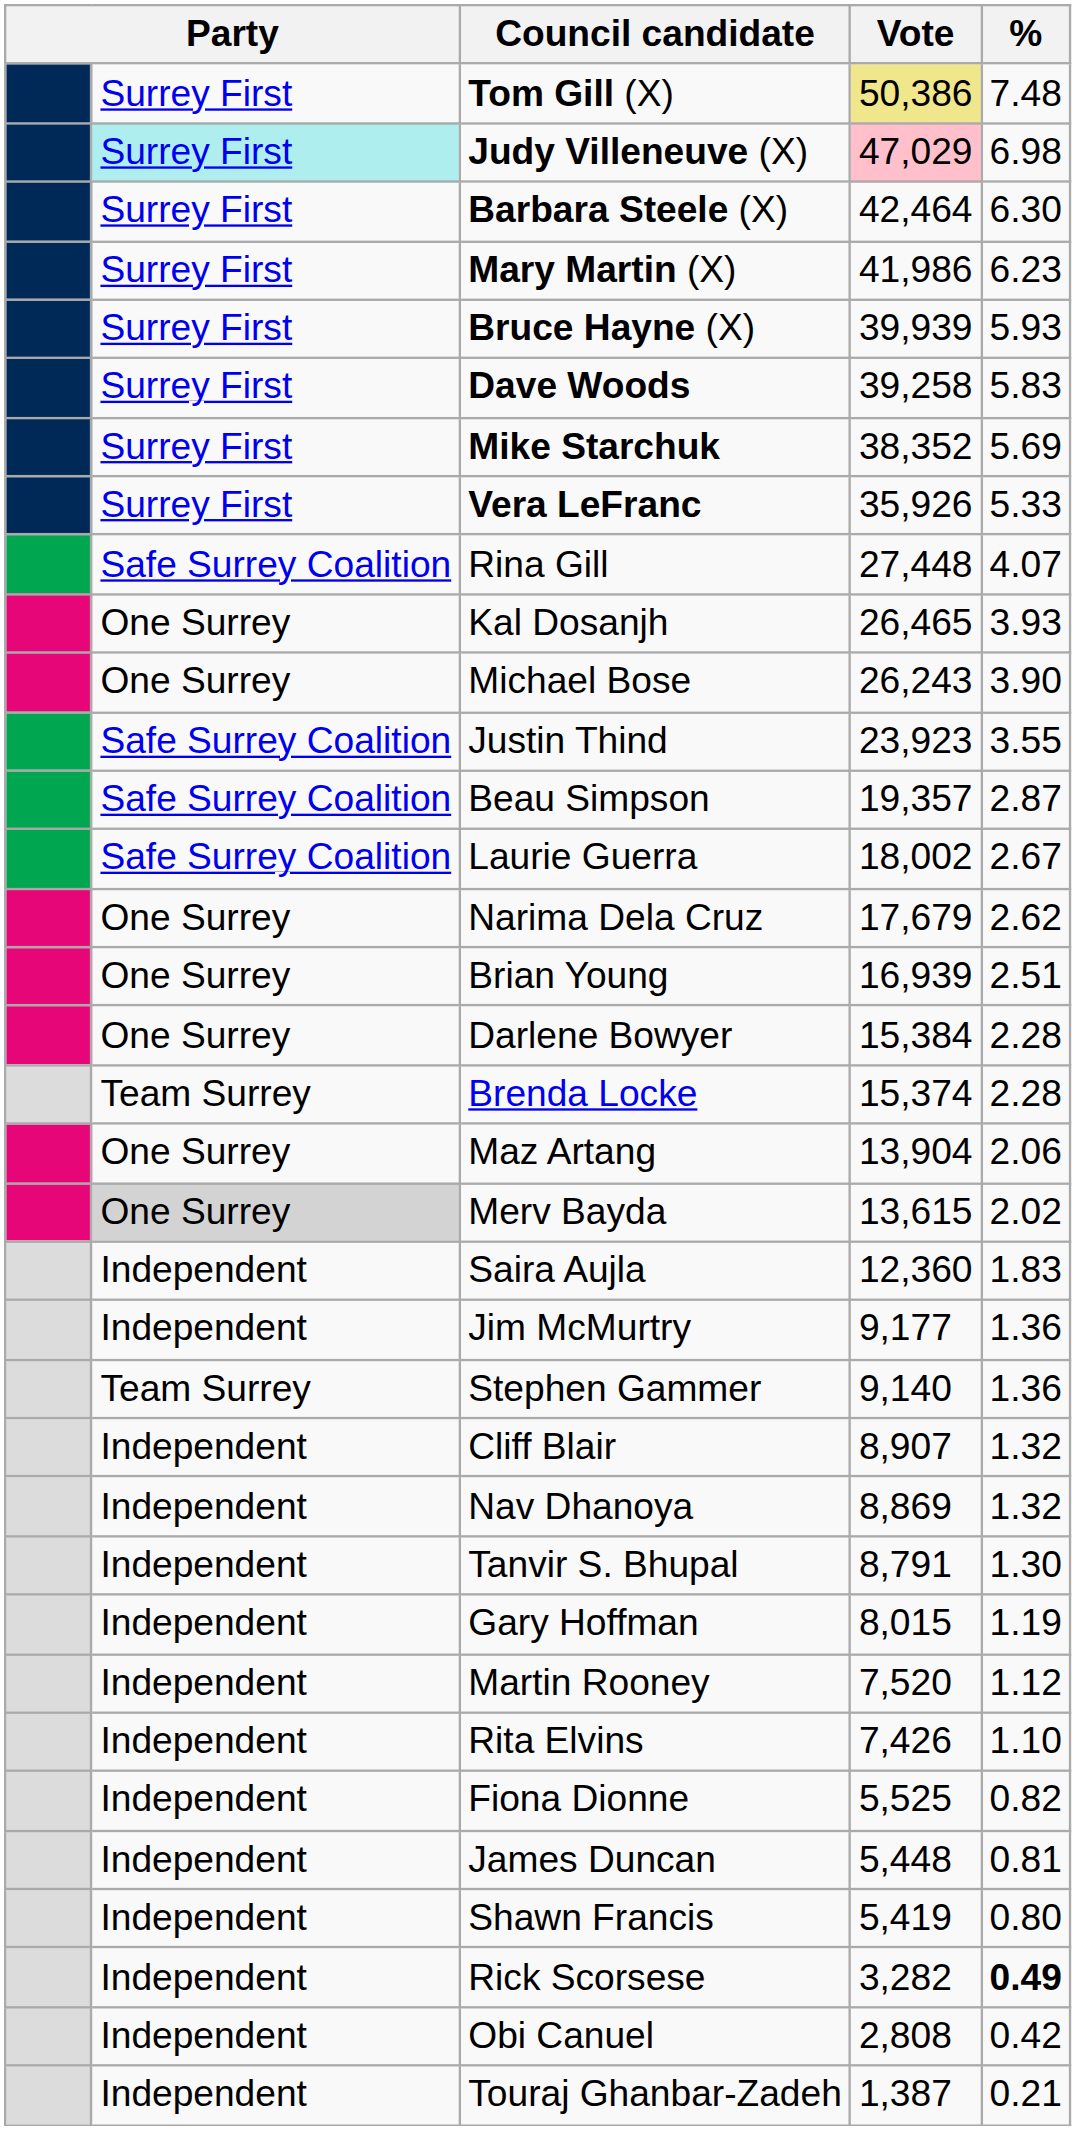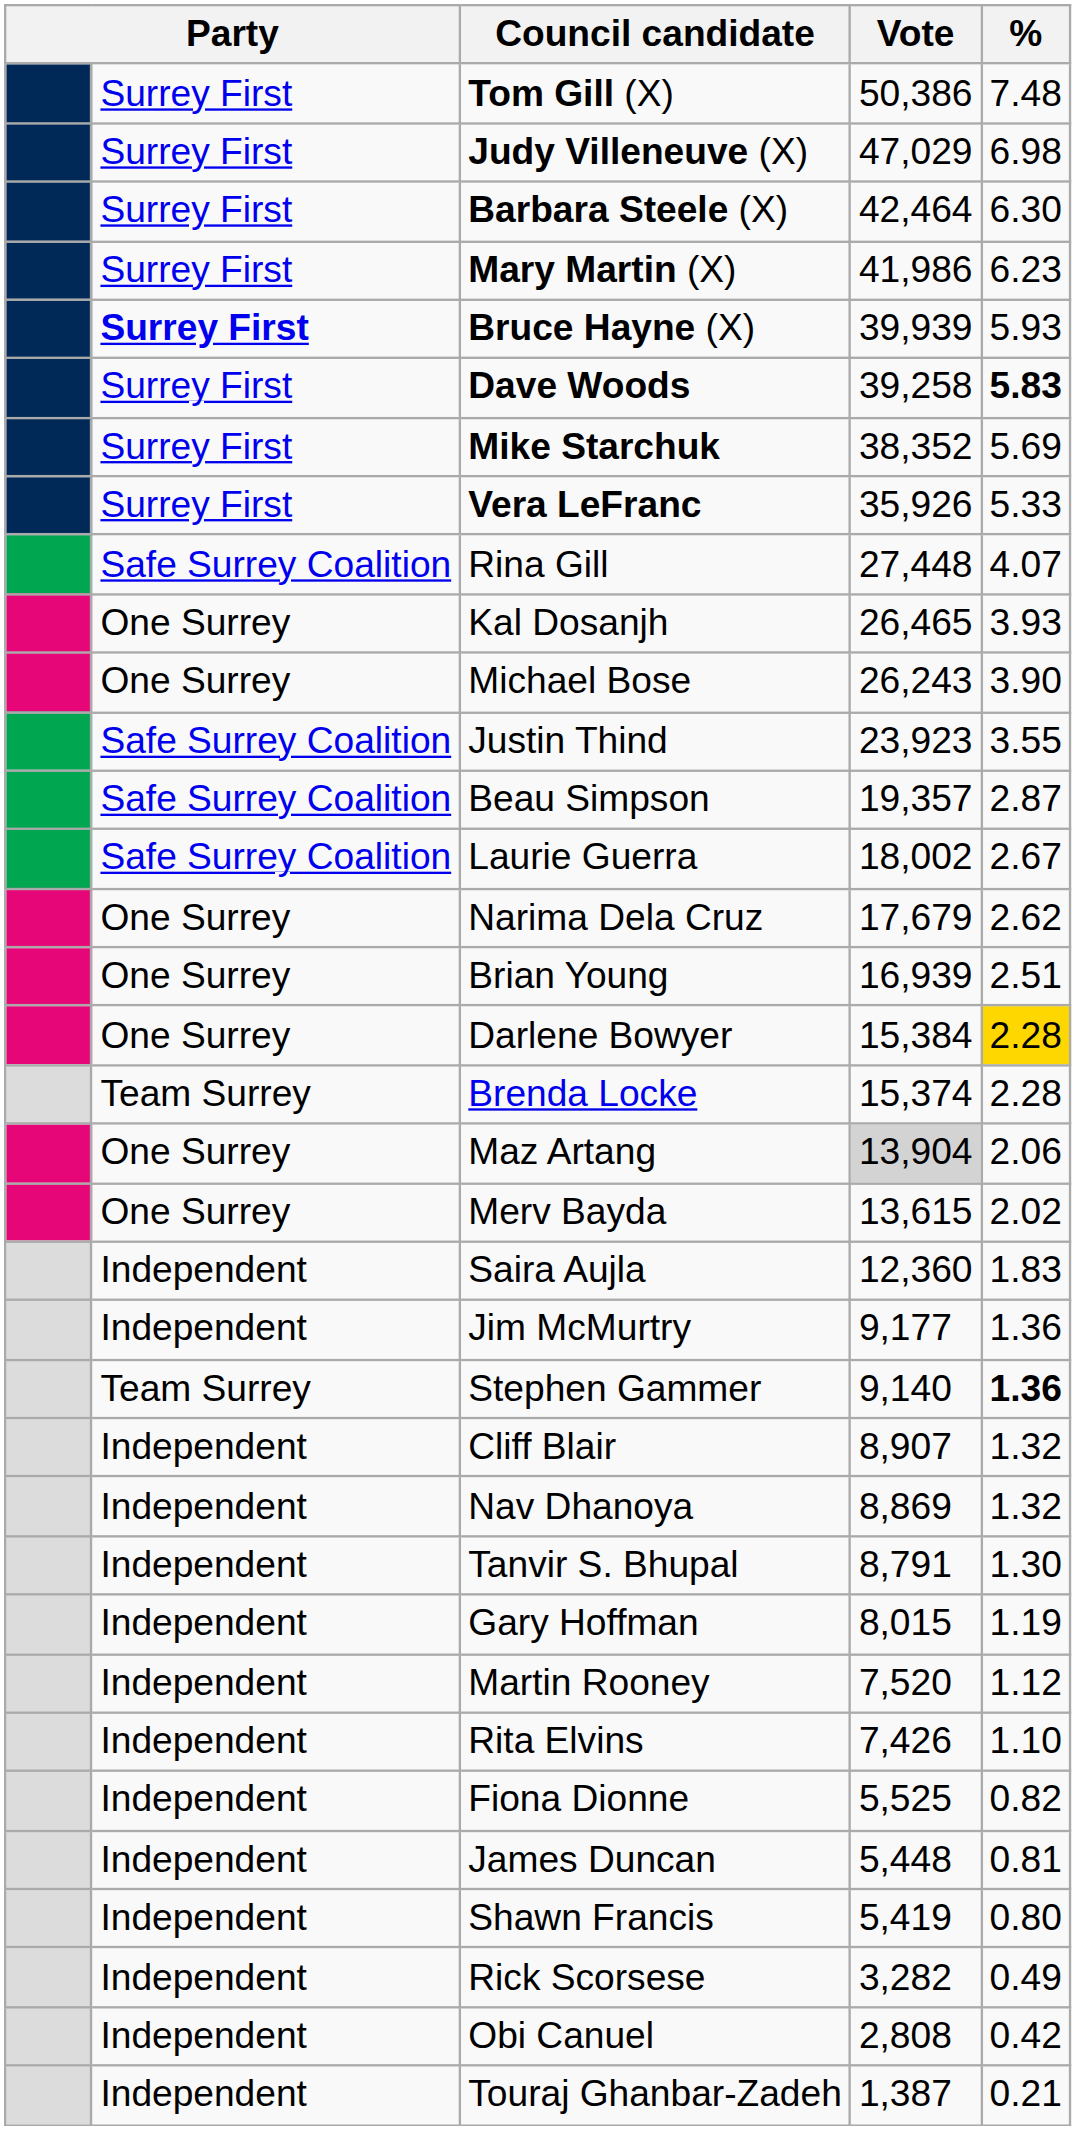 <table class="wikitable">
 <tr>
 <th colspan=2>Party</th>
 <th>Council candidate</th>
 <th>Vote</th>
 <th>%</th>
 </tr>
 <tr>
 <td style="background:#002957;" width="30px"> </td>
 <td><a href='#'>Surrey First</a></td>
 <td><strong>Tom Gill</strong> (X)</td>
-<td style="background: khaki;">50,386</td>
+<td>50,386</td>
 <td>7.48</td>
 </tr>
 <tr>
 <td style="background:#002957;" width="30px"> </td>
-<td style="background: paleturquoise;"><a href='#'>Surrey First</a></td>
+<td><a href='#'>Surrey First</a></td>
 <td><strong>Judy Villeneuve</strong> (X)</td>
-<td style="background: pink;">47,029</td>
+<td>47,029</td>
 <td>6.98</td>
 </tr>
 <tr>
 <td style="background:#002957;" width="30px"> </td>
 <td><a href='#'>Surrey First</a></td>
 <td><strong>Barbara Steele</strong> (X)</td>
 <td>42,464</td>
 <td>6.30</td>
 </tr>
 <tr>
 <td style="background:#002957;" width="30px"> </td>
 <td><a href='#'>Surrey First</a></td>
 <td><strong>Mary Martin</strong> (X)</td>
 <td>41,986</td>
 <td>6.23</td>
 </tr>
 <tr>
 <td style="background:#002957;" width="30px"> </td>
-<td><a href='#'>Surrey First</a></td>
+<td><strong><a href='#'>Surrey First</a></strong></td>
 <td><strong>Bruce Hayne</strong> (X)</td>
 <td>39,939</td>
 <td>5.93</td>
 </tr>
 <tr>
 <td style="background:#002957;" width="30px"> </td>
 <td><a href='#'>Surrey First</a></td>
 <td><strong>Dave Woods</strong></td>
 <td>39,258</td>
-<td>5.83</td>
+<td><strong>5.83</strong></td>
 </tr>
 <tr>
 <td style="background:#002957;" width="30px"> </td>
 <td><a href='#'>Surrey First</a></td>
 <td><strong>Mike Starchuk</strong></td>
 <td>38,352</td>
 <td>5.69</td>
 </tr>
 <tr>
 <td style="background:#002957;" width="30px"> </td>
 <td><a href='#'>Surrey First</a></td>
 <td><strong>Vera LeFranc</strong></td>
 <td>35,926</td>
 <td>5.33</td>
 </tr>
 <tr>
 <td style="background:#00A650;" width="30px"> </td>
 <td><a href='#'>Safe Surrey Coalition</a></td>
 <td>Rina Gill</td>
 <td>27,448</td>
 <td>4.07</td>
 </tr>
 <tr>
 <td style="background:#E60677;" width="30px"> </td>
 <td>One Surrey</td>
 <td>Kal Dosanjh</td>
 <td>26,465</td>
 <td>3.93</td>
 </tr>
 <tr>
 <td style="background:#E60677;" width="30px"> </td>
 <td>One Surrey</td>
 <td>Michael Bose</td>
 <td>26,243</td>
 <td>3.90</td>
 </tr>
 <tr>
 <td style="background:#00A650;" width="30px"> </td>
 <td><a href='#'>Safe Surrey Coalition</a></td>
 <td>Justin Thind</td>
 <td>23,923</td>
 <td>3.55</td>
 </tr>
 <tr>
 <td style="background:#00A650;" width="30px"> </td>
 <td><a href='#'>Safe Surrey Coalition</a></td>
 <td>Beau Simpson</td>
 <td>19,357</td>
 <td>2.87</td>
 </tr>
 <tr>
 <td style="background:#00A650;" width="30px"> </td>
 <td><a href='#'>Safe Surrey Coalition</a></td>
 <td>Laurie Guerra</td>
 <td>18,002</td>
 <td>2.67</td>
 </tr>
 <tr>
 <td style="background:#E60677;" width="30px"> </td>
 <td>One Surrey</td>
 <td>Narima Dela Cruz</td>
 <td>17,679</td>
 <td>2.62</td>
 </tr>
 <tr>
 <td style="background:#E60677;" width="30px"> </td>
 <td>One Surrey</td>
 <td>Brian Young</td>
 <td>16,939</td>
 <td>2.51</td>
 </tr>
 <tr>
 <td style="background:#E60677;" width="30px"> </td>
 <td>One Surrey</td>
 <td>Darlene Bowyer</td>
 <td>15,384</td>
-<td>2.28</td>
+<td style="background: gold;">2.28</td>
 </tr>
 <tr>
 <td style="background:gainsboro" width="30px"> </td>
 <td>Team Surrey</td>
 <td><a href='#'>Brenda Locke</a></td>
 <td>15,374</td>
 <td>2.28</td>
 </tr>
 <tr>
 <td style="background:#E60677;" width="30px"> </td>
 <td>One Surrey</td>
 <td>Maz Artang</td>
-<td>13,904</td>
+<td style="background: lightgrey;">13,904</td>
 <td>2.06</td>
 </tr>
 <tr>
 <td style="background:#E60677;" width="30px"> </td>
-<td style="background: lightgrey;">One Surrey</td>
+<td>One Surrey</td>
 <td>Merv Bayda</td>
 <td>13,615</td>
 <td>2.02</td>
 </tr>
 <tr>
 <td style="background:gainsboro" width="30px"> </td>
 <td>Independent</td>
 <td>Saira Aujla</td>
 <td>12,360</td>
 <td>1.83</td>
 </tr>
 <tr>
 <td style="background:gainsboro" width="30px"> </td>
 <td>Independent</td>
 <td>Jim McMurtry</td>
 <td>9,177</td>
 <td>1.36</td>
 </tr>
 <tr>
 <td style="background:gainsboro" width="30px"> </td>
 <td>Team Surrey</td>
 <td>Stephen Gammer</td>
 <td>9,140</td>
-<td>1.36</td>
+<td><strong>1.36</strong></td>
 </tr>
 <tr>
 <td style="background:gainsboro" width="30px"> </td>
 <td>Independent</td>
 <td>Cliff Blair</td>
 <td>8,907</td>
 <td>1.32</td>
 </tr>
 <tr>
 <td style="background:gainsboro" width="30px"> </td>
 <td>Independent</td>
 <td>Nav Dhanoya</td>
 <td>8,869</td>
 <td>1.32</td>
 </tr>
 <tr>
 <td style="background:gainsboro" width="30px"> </td>
 <td>Independent</td>
 <td>Tanvir S. Bhupal</td>
 <td>8,791</td>
 <td>1.30</td>
 </tr>
 <tr>
 <td style="background:gainsboro" width="30px"> </td>
 <td>Independent</td>
 <td>Gary Hoffman</td>
 <td>8,015</td>
 <td>1.19</td>
 </tr>
 <tr>
 <td style="background:gainsboro" width="30px"> </td>
 <td>Independent</td>
 <td>Martin Rooney</td>
 <td>7,520</td>
 <td>1.12</td>
 </tr>
 <tr>
 <td style="background:gainsboro" width="30px"> </td>
 <td>Independent</td>
 <td>Rita Elvins</td>
 <td>7,426</td>
 <td>1.10</td>
 </tr>
 <tr>
 <td style="background:gainsboro" width="30px"> </td>
 <td>Independent</td>
 <td>Fiona Dionne</td>
 <td>5,525</td>
 <td>0.82</td>
 </tr>
 <tr>
 <td style="background:gainsboro" width="30px"> </td>
 <td>Independent</td>
 <td>James Duncan</td>
 <td>5,448</td>
 <td>0.81</td>
 </tr>
 <tr>
 <td style="background:gainsboro" width="30px"> </td>
 <td>Independent</td>
 <td>Shawn Francis</td>
 <td>5,419</td>
 <td>0.80</td>
 </tr>
 <tr>
 <td style="background:gainsboro" width="30px"> </td>
 <td>Independent</td>
 <td>Rick Scorsese</td>
 <td>3,282</td>
-<td><strong>0.49</strong></td>
+<td>0.49</td>
 </tr>
 <tr>
 <td style="background:gainsboro" width="30px"> </td>
 <td>Independent</td>
 <td>Obi Canuel</td>
 <td>2,808</td>
 <td>0.42</td>
 </tr>
 <tr>
 <td style="background:gainsboro" width="30px"> </td>
 <td>Independent</td>
 <td>Touraj Ghanbar-Zadeh</td>
 <td>1,387</td>
 <td>0.21</td>
 </tr>
 </table>
